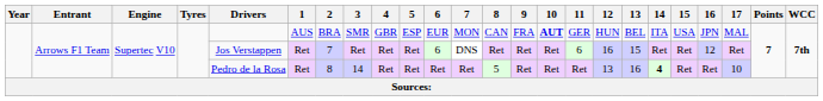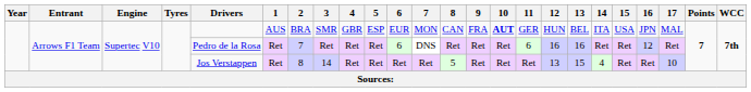 <table class="wikitable" style="text-align:center; font-size:95%">
 <tr>
 <th>Year</th>
 <th>Entrant</th>
 <th>Engine</th>
 <th>Tyres</th>
 <th>Drivers</th>
 <th>1</th>
 <th>2</th>
 <th>3</th>
 <th>4</th>
 <th>5</th>
 <th>6</th>
 <th>7</th>
 <th>8</th>
 <th>9</th>
 <th>10</th>
 <th>11</th>
 <th>12</th>
 <th>13</th>
 <th>14</th>
 <th>15</th>
 <th>16</th>
 <th>17</th>
 <th>Points</th>
 <th>WCC</th>
 </tr>
 <tr>
 <td rowspan="3"></td>
 <td rowspan="3"><a href='#'>Arrows F1 Team</a></td>
 <td rowspan="3"><a href='#'>Supertec</a> <a href='#'>V10</a></td>
 <td rowspan="3"></td>
 <td></td>
 <td><a href='#'>AUS</a></td>
 <td><a href='#'>BRA</a></td>
 <td><a href='#'>SMR</a></td>
 <td><a href='#'>GBR</a></td>
 <td><a href='#'>ESP</a></td>
 <td><a href='#'>EUR</a></td>
 <td><a href='#'>MON</a></td>
 <td><a href='#'>CAN</a></td>
 <td><a href='#'>FRA</a></td>
 <td><strong><a href='#'>AUT</a></strong></td>
 <td><a href='#'>GER</a></td>
 <td><a href='#'>HUN</a></td>
 <td><a href='#'>BEL</a></td>
 <td><a href='#'>ITA</a></td>
 <td><a href='#'>USA</a></td>
 <td><a href='#'>JPN</a></td>
 <td><a href='#'>MAL</a></td>
 <td rowspan="3"><strong>7</strong></td>
 <td rowspan="3"><strong>7th</strong></td>
 </tr>
 <tr>
-<td> <a href='#'>Jos Verstappen</a></td>
+<td> <a href='#'>Pedro de la Rosa</a></td>
 <td style="background:#EFCFFF;">Ret</td>
 <td style="background:#CFCFFF;">7</td>
 <td style="background:#EFCFFF;">Ret</td>
 <td style="background:#EFCFFF;">Ret</td>
 <td style="background:#EFCFFF;">Ret</td>
 <td style="background:#DFFFDF;">6</td>
 <td style="background:#FFFFFF;">DNS</td>
 <td style="background:#EFCFFF;">Ret</td>
 <td style="background:#EFCFFF;">Ret</td>
 <td style="background:#EFCFFF;">Ret</td>
 <td style="background:#DFFFDF;">6</td>
 <td style="background:#CFCFFF;">16</td>
-<td style="background:#CFCFFF;">15</td>
+<td style="background:#CFCFFF;">16</td>
 <td style="background:#EFCFFF;">Ret</td>
 <td style="background:#EFCFFF;">Ret</td>
 <td style="background:#CFCFFF;">12</td>
 <td style="background:#EFCFFF;">Ret</td>
 </tr>
 <tr>
-<td> <a href='#'>Pedro de la Rosa</a></td>
+<td> <a href='#'>Jos Verstappen</a></td>
 <td style="background:#EFCFFF;">Ret</td>
 <td style="background:#CFCFFF;">8</td>
 <td style="background:#CFCFFF;">14</td>
 <td style="background:#EFCFFF;">Ret</td>
 <td style="background:#EFCFFF;">Ret</td>
 <td style="background:#EFCFFF;">Ret</td>
 <td style="background:#EFCFFF;">Ret</td>
 <td style="background:#DFFFDF;">5</td>
 <td style="background:#EFCFFF;">Ret</td>
 <td style="background:#EFCFFF;">Ret</td>
 <td style="background:#EFCFFF;">Ret</td>
 <td style="background:#CFCFFF;">13</td>
-<td style="background:#CFCFFF;">16</td>
-<td style="background:#DFFFDF;"><strong>4</strong></td>
+<td style="background:#CFCFFF;">15</td>
+<td style="background:#DFFFDF;">4</td>
 <td style="background:#EFCFFF;">Ret</td>
 <td style="background:#EFCFFF;">Ret</td>
 <td style="background:#CFCFFF;">10</td>
 </tr>
 <tr>
 <th colspan="24">Sources:</th>
 </tr>
 </table>
